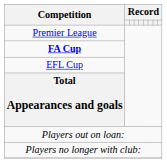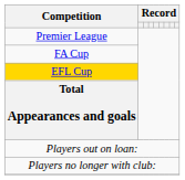 <table class="wikitable" style="text-align: center">
 <tr>
 <th rowspan=2>Competition</th>
 <th colspan=8>Record</th>
 </tr>
 <tr>
 <th></th>
 <th></th>
 <th></th>
 <th></th>
 <th></th>
 <th></th>
 <th></th>
 <th></th>
 </tr>
 <tr>
 <td><a href='#'>Premier League</a><br></td>
 </tr>
 <tr>
-<td><strong><a href='#'>FA Cup</a><br></strong></td>
+<td><a href='#'>FA Cup</a><br></td>
 </tr>
 <tr>
-<td><a href='#'>EFL Cup</a><br></td>
+<td style="background: gold;"><a href='#'>EFL Cup</a><br></td>
 </tr>
 <tr>
 <th>Total<br> <h3>Appearances and goals</h3>                               </th>
 </tr>
 <tr>
 <td colspan="14"><em>Players out on loan:</em><br></td>
 </tr>
 <tr>
 <td colspan="14"><em>Players no longer with club:</em><br> </td>
 </tr>
 <tr>
 </tr>
 </table>
